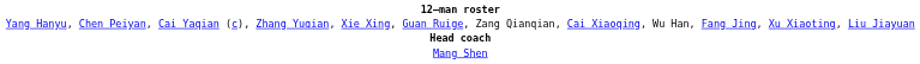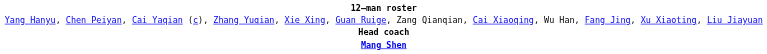 <table style="text-align:center; margin-top:2em; margin-left:auto; margin-right:auto">
 <tr>
 <td><strong>12–man roster</strong></td>
 </tr>
 <tr>
 <td><a href='#'>Yang Hanyu</a>, <a href='#'>Chen Peiyan</a>, <a href='#'>Cai Yaqian</a> (<a href='#'>c</a>), <a href='#'>Zhang Yuqian</a>, <a href='#'>Xie Xing</a>, <a href='#'>Guan Ruige</a>, Zang Qianqian, <a href='#'>Cai Xiaoqing</a>, Wu Han, <a href='#'>Fang Jing</a>, <a href='#'>Xu Xiaoting</a>, <a href='#'>Liu Jiayuan</a></td>
 </tr>
 <tr>
 <td><strong>Head coach</strong></td>
 </tr>
 <tr>
-<td><a href='#'>Mang Shen</a></td>
+<td><strong><a href='#'>Mang Shen</a></strong></td>
 </tr>
 </table>
